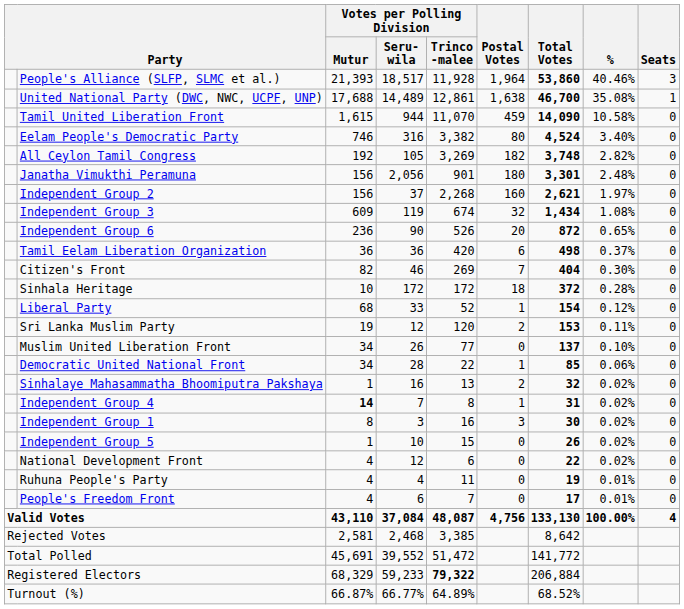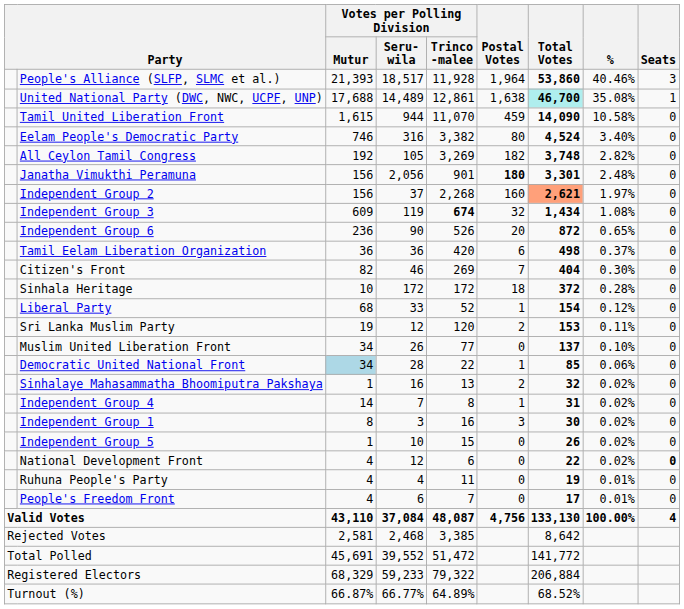 <table class="wikitable" border="1" style="text-align:right;">
 <tr>
 <th align=left valign=bottom rowspan=2 colspan=2>Party</th>
 <th colspan=3>Votes per Polling Division</th>
 <th align=center valign=bottom rowspan=2 width="50">Postal<br>Votes</th>
 <th align=center valign=bottom rowspan=2 width="50">Total Votes</th>
 <th align=center valign=bottom rowspan=2 width="50">%</th>
 <th align=center valign=bottom rowspan=2 width="40">Seats</th>
 </tr>
 <tr>
 <th align=center valign=bottom width="50">Mutur</th>
 <th align=center valign=bottom width="50">Seru-<br>wila</th>
 <th align=center valign=bottom width="50">Trinco<br>-malee</th>
 </tr>
 <tr>
 <td bgcolor=> </td>
 <td align=left><a href='#'>People's Alliance</a> (<a href='#'>SLFP</a>, <a href='#'>SLMC</a> et al.)</td>
 <td>21,393</td>
 <td>18,517</td>
 <td>11,928</td>
 <td>1,964</td>
 <td><strong>53,860</strong></td>
 <td>40.46%</td>
 <td>3</td>
 </tr>
 <tr>
 <td bgcolor=> </td>
 <td align=left><a href='#'>United National Party</a> (<a href='#'>DWC</a>, NWC, <a href='#'>UCPF</a>, <a href='#'>UNP</a>)</td>
 <td>17,688</td>
 <td>14,489</td>
 <td>12,861</td>
 <td>1,638</td>
-<td><strong>46,700</strong></td>
+<td style="background: paleturquoise;"><strong>46,700</strong></td>
 <td>35.08%</td>
 <td>1</td>
 </tr>
 <tr>
 <td bgcolor=> </td>
 <td align=left><a href='#'>Tamil United Liberation Front</a></td>
 <td>1,615</td>
 <td>944</td>
 <td>11,070</td>
 <td>459</td>
 <td><strong>14,090</strong></td>
 <td>10.58%</td>
 <td>0</td>
 </tr>
 <tr>
 <td bgcolor=> </td>
 <td align=left><a href='#'>Eelam People's Democratic Party</a></td>
 <td>746</td>
 <td>316</td>
 <td>3,382</td>
 <td>80</td>
 <td><strong>4,524</strong></td>
 <td>3.40%</td>
 <td>0</td>
 </tr>
 <tr>
 <td bgcolor=> </td>
 <td align=left><a href='#'>All Ceylon Tamil Congress</a></td>
 <td>192</td>
 <td>105</td>
 <td>3,269</td>
 <td>182</td>
 <td><strong>3,748</strong></td>
 <td>2.82%</td>
 <td>0</td>
 </tr>
 <tr>
 <td bgcolor=> </td>
 <td align=left><a href='#'>Janatha Vimukthi Peramuna</a></td>
 <td>156</td>
 <td>2,056</td>
 <td>901</td>
-<td>180</td>
+<td><strong>180</strong></td>
 <td><strong>3,301</strong></td>
 <td>2.48%</td>
 <td>0</td>
 </tr>
 <tr>
 <td bgcolor=> </td>
 <td align=left><a href='#'>Independent Group 2</a></td>
 <td>156</td>
 <td>37</td>
 <td>2,268</td>
 <td>160</td>
-<td><strong>2,621</strong></td>
+<td style="background: lightsalmon;"><strong>2,621</strong></td>
 <td>1.97%</td>
 <td>0</td>
 </tr>
 <tr>
 <td bgcolor=> </td>
 <td align=left><a href='#'>Independent Group 3</a></td>
 <td>609</td>
 <td>119</td>
-<td>674</td>
+<td><strong>674</strong></td>
 <td>32</td>
 <td><strong>1,434</strong></td>
 <td>1.08%</td>
 <td>0</td>
 </tr>
 <tr>
 <td bgcolor=> </td>
 <td align=left><a href='#'>Independent Group 6</a></td>
 <td>236</td>
 <td>90</td>
 <td>526</td>
 <td>20</td>
 <td><strong>872</strong></td>
 <td>0.65%</td>
 <td>0</td>
 </tr>
 <tr>
 <td bgcolor=> </td>
 <td align=left><a href='#'>Tamil Eelam Liberation Organization</a></td>
 <td>36</td>
 <td>36</td>
 <td>420</td>
 <td>6</td>
 <td><strong>498</strong></td>
 <td>0.37%</td>
 <td>0</td>
 </tr>
 <tr>
 <td></td>
 <td align=left>Citizen's Front</td>
 <td>82</td>
 <td>46</td>
 <td>269</td>
 <td>7</td>
 <td><strong>404</strong></td>
 <td>0.30%</td>
 <td>0</td>
 </tr>
 <tr>
 <td></td>
 <td align=left>Sinhala Heritage</td>
 <td>10</td>
 <td>172</td>
 <td>172</td>
 <td>18</td>
 <td><strong>372</strong></td>
 <td>0.28%</td>
 <td>0</td>
 </tr>
 <tr>
 <td></td>
 <td align=left><a href='#'>Liberal Party</a></td>
 <td>68</td>
 <td>33</td>
 <td>52</td>
 <td>1</td>
 <td><strong>154</strong></td>
 <td>0.12%</td>
 <td>0</td>
 </tr>
 <tr>
 <td></td>
 <td align=left>Sri Lanka Muslim Party</td>
 <td>19</td>
 <td>12</td>
 <td>120</td>
 <td>2</td>
 <td><strong>153</strong></td>
 <td>0.11%</td>
 <td>0</td>
 </tr>
 <tr>
 <td></td>
 <td align=left>Muslim United Liberation Front</td>
 <td>34</td>
 <td>26</td>
 <td>77</td>
 <td>0</td>
 <td><strong>137</strong></td>
 <td>0.10%</td>
 <td>0</td>
 </tr>
 <tr>
 <td></td>
 <td align=left><a href='#'>Democratic United National Front</a></td>
-<td>34</td>
+<td style="background: lightblue;">34</td>
 <td>28</td>
 <td>22</td>
 <td>1</td>
 <td><strong>85</strong></td>
 <td>0.06%</td>
 <td>0</td>
 </tr>
 <tr>
 <td bgcolor=> </td>
 <td align=left><a href='#'>Sinhalaye Mahasammatha Bhoomiputra Pakshaya</a></td>
 <td>1</td>
 <td>16</td>
 <td>13</td>
 <td>2</td>
 <td><strong>32</strong></td>
 <td>0.02%</td>
 <td>0</td>
 </tr>
 <tr>
 <td bgcolor=> </td>
 <td align=left><a href='#'>Independent Group 4</a></td>
-<td><strong>14</strong></td>
+<td>14</td>
 <td>7</td>
 <td>8</td>
 <td>1</td>
 <td><strong>31</strong></td>
 <td>0.02%</td>
 <td>0</td>
 </tr>
 <tr>
 <td bgcolor=> </td>
 <td align=left><a href='#'>Independent Group 1</a></td>
 <td>8</td>
 <td>3</td>
 <td>16</td>
 <td>3</td>
 <td><strong>30</strong></td>
 <td>0.02%</td>
 <td>0</td>
 </tr>
 <tr>
 <td bgcolor=> </td>
 <td align=left><a href='#'>Independent Group 5</a></td>
 <td>1</td>
 <td>10</td>
 <td>15</td>
 <td>0</td>
 <td><strong>26</strong></td>
 <td>0.02%</td>
 <td>0</td>
 </tr>
 <tr>
 <td></td>
 <td align=left>National Development Front</td>
 <td>4</td>
 <td>12</td>
 <td>6</td>
 <td>0</td>
 <td><strong>22</strong></td>
 <td>0.02%</td>
-<td>0</td>
+<td><strong>0</strong></td>
 </tr>
 <tr>
 <td></td>
 <td align=left>Ruhuna People's Party</td>
 <td>4</td>
 <td>4</td>
 <td>11</td>
 <td>0</td>
 <td><strong>19</strong></td>
 <td>0.01%</td>
 <td>0</td>
 </tr>
 <tr>
 <td></td>
 <td align=left><a href='#'>People's Freedom Front</a></td>
 <td>4</td>
 <td>6</td>
 <td>7</td>
 <td>0</td>
 <td><strong>17</strong></td>
 <td>0.01%</td>
 <td>0</td>
 </tr>
 <tr>
 <td align=left colspan=2><strong>Valid Votes</strong></td>
 <td><strong>43,110</strong></td>
 <td><strong>37,084</strong></td>
 <td><strong>48,087</strong></td>
 <td><strong>4,756</strong></td>
 <td><strong>133,130</strong></td>
 <td><strong>100.00%</strong></td>
 <td><strong>4</strong></td>
 </tr>
 <tr>
 <td align=left colspan=2>Rejected Votes</td>
 <td>2,581</td>
 <td>2,468</td>
 <td>3,385</td>
 <td></td>
 <td>8,642</td>
 <td></td>
 <td></td>
 </tr>
 <tr>
 <td align=left colspan=2>Total Polled</td>
 <td>45,691</td>
 <td>39,552</td>
 <td>51,472</td>
 <td></td>
 <td>141,772</td>
 <td></td>
 <td></td>
 </tr>
 <tr>
 <td align=left colspan=2>Registered Electors</td>
 <td>68,329</td>
 <td>59,233</td>
-<td><strong>79,322</strong></td>
+<td>79,322</td>
 <td></td>
 <td>206,884</td>
 <td></td>
 <td></td>
 </tr>
 <tr>
 <td align=left colspan=2>Turnout (%)</td>
 <td>66.87%</td>
 <td>66.77%</td>
 <td>64.89%</td>
 <td></td>
 <td>68.52%</td>
 <td></td>
 <td></td>
 </tr>
 </table>
